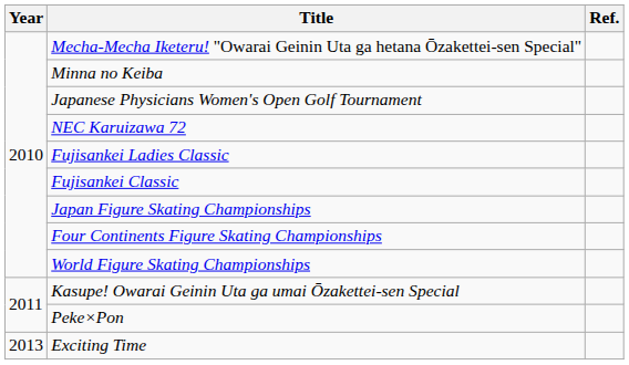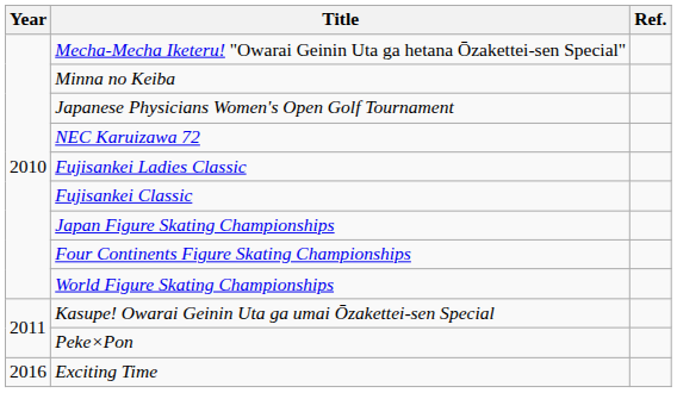 <table class="wikitable">
 <tr>
 <th>Year</th>
 <th>Title</th>
 <th>Ref.</th>
 </tr>
 <tr>
 <td rowspan="9">2010</td>
 <td><em><a href='#'>Mecha-Mecha Iketeru!</a></em> "Owarai Geinin Uta ga hetana Ōzakettei-sen Special"</td>
 <td></td>
 </tr>
 <tr>
 <td><em>Minna no Keiba</em></td>
 <td></td>
 </tr>
 <tr>
 <td><em>Japanese Physicians Women's Open Golf Tournament</em></td>
 <td></td>
 </tr>
 <tr>
 <td><em><a href='#'>NEC Karuizawa 72</a></em></td>
 <td></td>
 </tr>
 <tr>
 <td><em><a href='#'>Fujisankei Ladies Classic</a></em></td>
 <td></td>
 </tr>
 <tr>
 <td><em><a href='#'>Fujisankei Classic</a></em></td>
 <td></td>
 </tr>
 <tr>
 <td><em><a href='#'>Japan Figure Skating Championships</a></em></td>
 <td></td>
 </tr>
 <tr>
 <td><em><a href='#'>Four Continents Figure Skating Championships</a></em></td>
 <td></td>
 </tr>
 <tr>
 <td><em><a href='#'>World Figure Skating Championships</a></em></td>
 <td></td>
 </tr>
 <tr>
 <td rowspan="2">2011</td>
 <td><em>Kasupe! Owarai Geinin Uta ga umai Ōzakettei-sen Special</em></td>
 <td></td>
 </tr>
 <tr>
 <td><em>Peke×Pon</em></td>
 <td></td>
 </tr>
 <tr>
-<td>2013</td>
+<td>2016</td>
 <td><em>Exciting Time</em></td>
 <td></td>
 </tr>
 </table>
